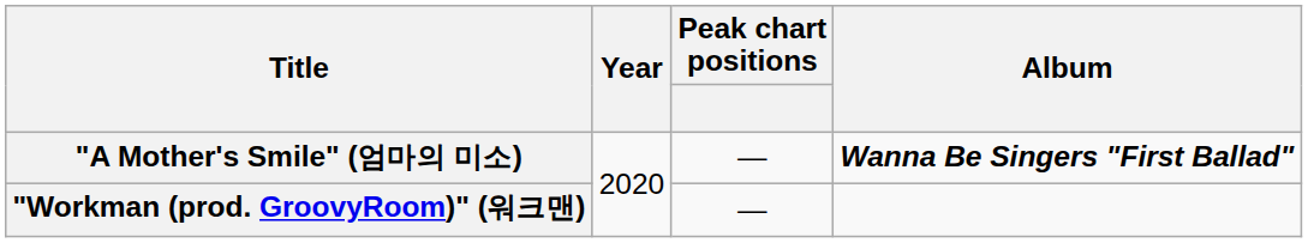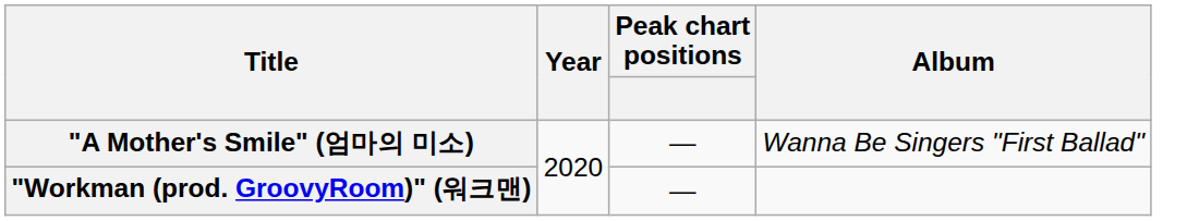 <table class="wikitable plainrowheaders" style="text-align:center">
 <tr>
 <th scope="col" rowspan="2">Title</th>
 <th scope="col" rowspan="2">Year</th>
 <th scope="col" colspan="1">Peak chart <br> positions</th>
 <th scope="col" rowspan="2">Album</th>
 </tr>
 <tr>
 <th><br></th>
 </tr>
 <tr>
 <th scope="row">"A Mother's Smile" (엄마의 미소)<br></th>
 <td rowspan="2">2020</td>
 <td>—</td>
-<td><strong><em>Wanna Be Singers "First Ballad"</em></strong></td>
+<td><em>Wanna Be Singers "First Ballad"</em></td>
 </tr>
 <tr>
 <th scope="row">"Workman (prod. <a href='#'>GroovyRoom</a>)" (워크맨)<br></th>
 <td>—</td>
 <td></td>
 </tr>
 </table>
